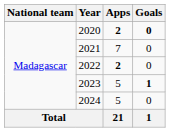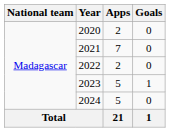 <table class=wikitable style=text-align:center>
 <tr>
 <th>National team</th>
 <th>Year</th>
 <th>Apps</th>
 <th>Goals</th>
 </tr>
 <tr>
 <td rowspan="5"><a href='#'>Madagascar</a></td>
 <td>2020</td>
-<td><strong>2</strong></td>
-<td><strong>0</strong></td>
+<td>2</td>
+<td>0</td>
 </tr>
 <tr>
 <td>2021</td>
 <td>7</td>
 <td>0</td>
 </tr>
 <tr>
 <td>2022</td>
-<td><strong>2</strong></td>
+<td>2</td>
 <td>0</td>
 </tr>
 <tr>
 <td>2023</td>
 <td>5</td>
-<td><strong>1</strong></td>
+<td>1</td>
 </tr>
 <tr>
 <td>2024</td>
 <td>5</td>
 <td>0</td>
 </tr>
 <tr>
 <th colspan="2">Total</th>
 <th>21</th>
 <th>1</th>
 </tr>
 </table>
